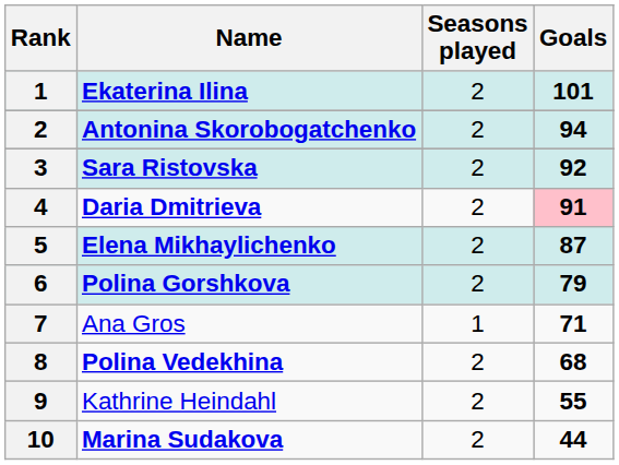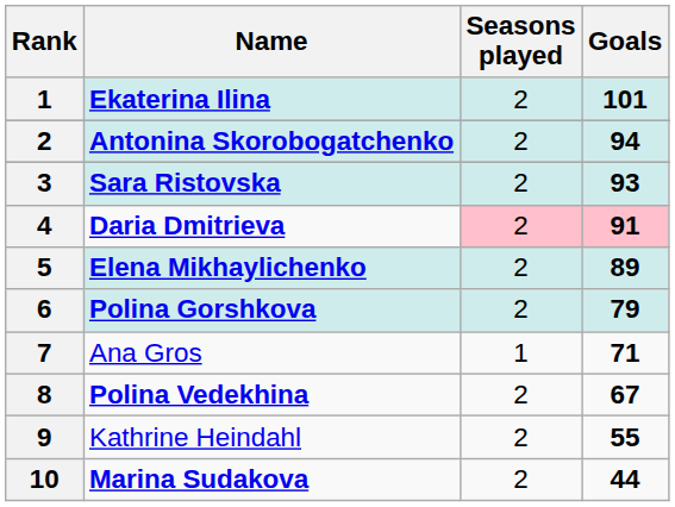 <table class="wikitable" style="text-align: center;">
 <tr>
 <th>Rank</th>
 <th class="unsortable">Name</th>
 <th>Seasons<br>played</th>
 <th>Goals</th>
 </tr>
 <tr style="background-color: #CFECEC;">
 <th rowspan="1">1</th>
 <td style="text-align: left;"> <strong><a href='#'>Ekaterina Ilina</a></strong></td>
 <td>2</td>
 <td><strong>101</strong></td>
 </tr>
 <tr>
 </tr>
 <tr style="background-color: #CFECEC;">
 <th rowspan="1">2</th>
 <td style="text-align: left;"> <strong><a href='#'>Antonina Skorobogatchenko</a></strong></td>
 <td>2</td>
 <td><strong>94</strong></td>
 </tr>
 <tr>
 </tr>
 <tr style="background-color: #CFECEC;">
 <th rowspan="1">3</th>
 <td style="text-align: left;"> <strong><a href='#'>Sara Ristovska</a></strong></td>
 <td>2</td>
-<td><strong>92</strong></td>
+<td><strong>93</strong></td>
 </tr>
 <tr>
 <th rowspan="1">4</th>
 <td style="text-align: left;"> <strong><a href='#'>Daria Dmitrieva</a></strong></td>
-<td>2</td>
+<td style="background: pink;">2</td>
 <td style="background: pink;"><strong>91</strong></td>
 </tr>
 <tr style="background-color: #CFECEC;">
 <th rowspan="1">5</th>
 <td style="text-align: left;"> <strong><a href='#'>Elena Mikhaylichenko</a></strong></td>
 <td>2</td>
-<td><strong>87</strong></td>
+<td><strong>89</strong></td>
 </tr>
 <tr style="background-color: #CFECEC;">
 <th rowspan="1">6</th>
 <td style="text-align: left;"> <strong><a href='#'>Polina Gorshkova</a></strong></td>
 <td>2</td>
 <td><strong>79</strong></td>
 </tr>
 <tr>
 <th rowspan="1">7</th>
 <td style="text-align: left;"> <a href='#'>Ana Gros</a></td>
 <td>1</td>
 <td><strong>71</strong></td>
 </tr>
 <tr>
 <th rowspan="1">8</th>
 <td style="text-align: left;"> <strong><a href='#'>Polina Vedekhina</a></strong></td>
 <td>2</td>
-<td><strong>68</strong></td>
+<td><strong>67</strong></td>
 </tr>
 <tr>
 <th rowspan="1">9</th>
 <td style="text-align: left;"> <a href='#'>Kathrine Heindahl</a></td>
 <td>2</td>
 <td><strong>55</strong></td>
 </tr>
 <tr>
 <th rowspan="1">10</th>
 <td style="text-align: left;"> <strong><a href='#'>Marina Sudakova</a></strong></td>
 <td>2</td>
 <td><strong>44</strong></td>
 </tr>
 </table>
